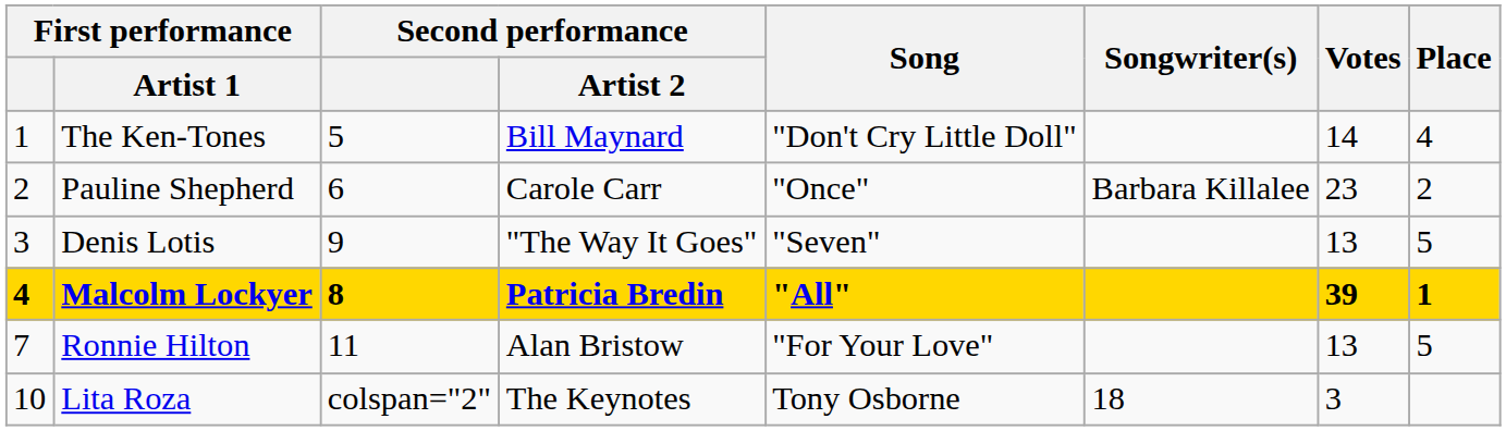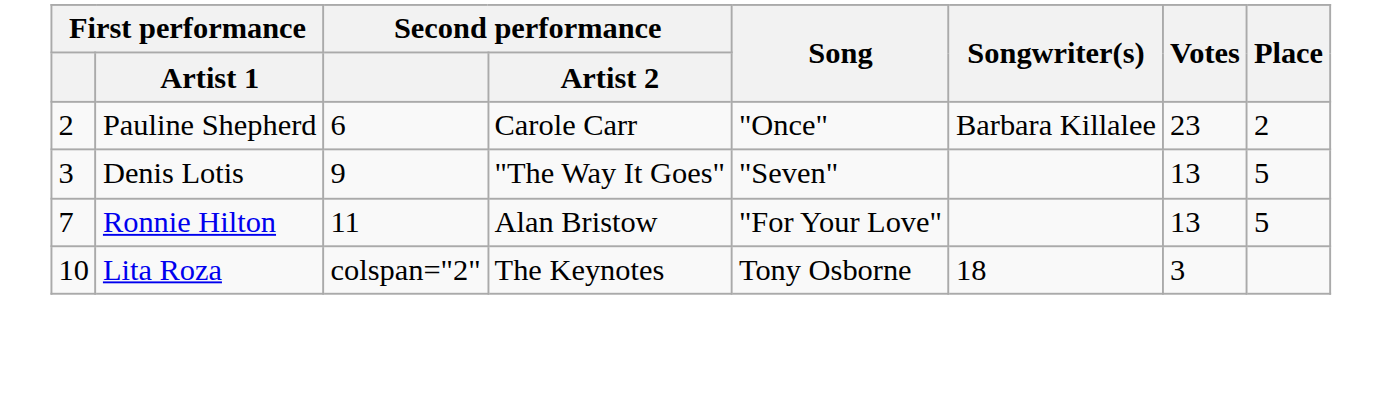 <table class="sortable wikitable" style="margin: 1em auto 1em auto; text-align:left">
 <tr>
 <th colspan="2">First performance</th>
 <th colspan="2">Second performance</th>
 <th rowspan="2">Song</th>
 <th rowspan="2">Songwriter(s)</th>
 <th rowspan="2">Votes</th>
 <th rowspan="2">Place</th>
 </tr>
 <tr>
 <th></th>
 <th>Artist 1</th>
 <th></th>
 <th>Artist 2</th>
-</tr>
-<tr>
-<td>1</td>
-<td>The Ken-Tones</td>
-<td>5</td>
-<td><a href='#'>Bill Maynard</a></td>
-<td>"Don't Cry Little Doll"</td>
-<td></td>
-<td>14</td>
-<td>4</td>
 </tr>
 <tr>
 <td 2>2</td>
 <td>Pauline Shepherd</td>
 <td>6</td>
 <td>Carole Carr</td>
 <td>"Once"</td>
 <td>Barbara Killalee</td>
 <td>23</td>
 <td>2</td>
 </tr>
 <tr>
 <td>3</td>
 <td>Denis Lotis</td>
 <td>9</td>
 <td>"The Way It Goes"</td>
 <td>"Seven"</td>
 <td></td>
 <td>13</td>
 <td>5</td>
 </tr>
-<tr style="font-weight:bold; background:gold;">
-<td>4</td>
-<td><a href='#'>Malcolm Lockyer</a></td>
-<td>8</td>
-<td><a href='#'>Patricia Bredin</a></td>
-<td>"<a href='#'>All</a>"</td>
-<td></td>
-<td>39</td>
-<td>1</td>
-</tr>
 <tr>
 <td>7</td>
 <td><a href='#'>Ronnie Hilton</a></td>
 <td>11</td>
 <td>Alan Bristow</td>
 <td>"For Your Love"</td>
 <td></td>
 <td>13</td>
 <td>5</td>
 </tr>
 <tr>
 <td>10</td>
 <td><a href='#'>Lita Roza</a></td>
 <td>colspan="2" </td>
 <td>The Keynotes</td>
 <td>Tony Osborne</td>
 <td>18</td>
 <td>3</td>
 </tr>
 </table>
